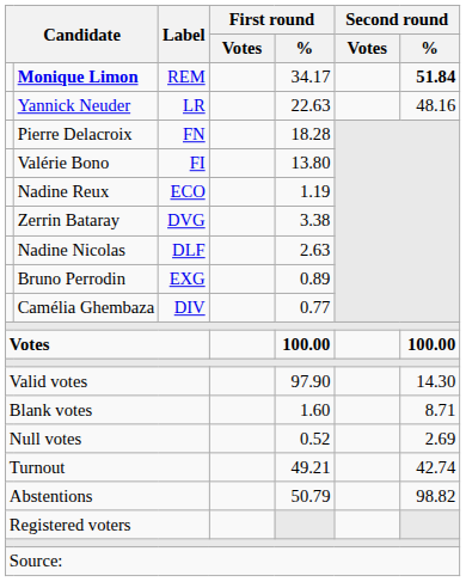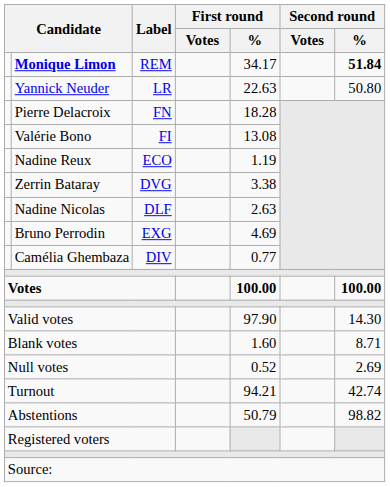 <table class="wikitable" style="text-align:right;font-size:95%;">
 <tr>
 <th rowspan="2" colspan="2">Candidate</th>
 <th rowspan="2">Label</th>
 <th colspan="2">First round</th>
 <th colspan="2">Second round</th>
 </tr>
 <tr>
 <th style="width:50px;">Votes</th>
 <th style="width:45px;">%</th>
 <th style="width:50px;">Votes</th>
 <th style="width:45px;">%</th>
 </tr>
 <tr>
 <td style="color:inherit;background:"></td>
 <td style="text-align:left;"><strong><a href='#'>Monique Limon</a></strong></td>
 <td><a href='#'>REM</a></td>
 <td></td>
 <td>34.17</td>
 <td><strong></strong></td>
 <td><strong>51.84</strong></td>
 </tr>
 <tr>
 <td style="color:inherit;background:"></td>
 <td style="text-align:left;"><a href='#'>Yannick Neuder</a></td>
 <td><a href='#'>LR</a></td>
 <td></td>
 <td>22.63</td>
 <td></td>
-<td>48.16</td>
+<td>50.80</td>
 </tr>
 <tr>
 <td style="color:inherit;background:"></td>
 <td style="text-align:left;">Pierre Delacroix</td>
 <td><a href='#'>FN</a></td>
 <td></td>
 <td>18.28</td>
 <td colspan="2" rowspan="7" style="background:#E9E9E9;"></td>
 </tr>
 <tr>
 <td style="color:inherit;background:"></td>
 <td style="text-align:left;">Valérie Bono</td>
 <td><a href='#'>FI</a></td>
 <td></td>
-<td>13.80</td>
+<td>13.08</td>
 </tr>
 <tr>
 <td style="color:inherit;background:"></td>
 <td style="text-align:left;">Nadine Reux</td>
 <td><a href='#'>ECO</a></td>
 <td></td>
 <td>1.19</td>
 </tr>
 <tr>
 <td style="color:inherit;background:"></td>
 <td style="text-align:left;">Zerrin Bataray</td>
 <td><a href='#'>DVG</a></td>
 <td></td>
 <td>3.38</td>
 </tr>
 <tr>
 <td style="color:inherit;background:"></td>
 <td style="text-align:left;">Nadine Nicolas</td>
 <td><a href='#'>DLF</a></td>
 <td></td>
 <td>2.63</td>
 </tr>
 <tr>
 <td style="color:inherit;background:"></td>
 <td style="text-align:left;">Bruno Perrodin</td>
 <td><a href='#'>EXG</a></td>
 <td></td>
-<td>0.89</td>
+<td>4.69</td>
 </tr>
 <tr>
 <td style="color:inherit;background:"></td>
 <td style="text-align:left;">Camélia Ghembaza</td>
 <td><a href='#'>DIV</a></td>
 <td></td>
 <td>0.77</td>
 </tr>
 <tr>
 <td colspan="7" style="background:#E9E9E9;"></td>
 </tr>
 <tr style="font-weight:bold;">
 <td colspan="3" style="text-align:left;">Votes</td>
 <td></td>
 <td>100.00</td>
 <td></td>
 <td>100.00</td>
 </tr>
 <tr>
 <td colspan="7" style="background:#E9E9E9;"></td>
 </tr>
 <tr>
 <td colspan="3" style="text-align:left;">Valid votes</td>
 <td></td>
 <td>97.90</td>
 <td></td>
 <td>14.30</td>
 </tr>
 <tr>
 <td colspan="3" style="text-align:left;">Blank votes</td>
 <td></td>
 <td>1.60</td>
 <td></td>
 <td>8.71</td>
 </tr>
 <tr>
 <td colspan="3" style="text-align:left;">Null votes</td>
 <td></td>
 <td>0.52</td>
 <td></td>
 <td>2.69</td>
 </tr>
 <tr>
 <td colspan="3" style="text-align:left;">Turnout</td>
 <td></td>
-<td>49.21</td>
+<td>94.21</td>
 <td></td>
 <td>42.74</td>
 </tr>
 <tr>
 <td colspan="3" style="text-align:left;">Abstentions</td>
 <td></td>
 <td>50.79</td>
 <td></td>
 <td>98.82</td>
 </tr>
 <tr>
 <td colspan="3" style="text-align:left;">Registered voters</td>
 <td></td>
 <td style="color:inherit;background:#E9E9E9;"></td>
 <td></td>
 <td style="color:inherit;background:#E9E9E9;"></td>
 </tr>
 <tr>
 <td colspan="7" style="background:#E9E9E9;"></td>
 </tr>
 <tr>
 <td colspan="7" style="text-align:left;">Source: </td>
 </tr>
 </table>
